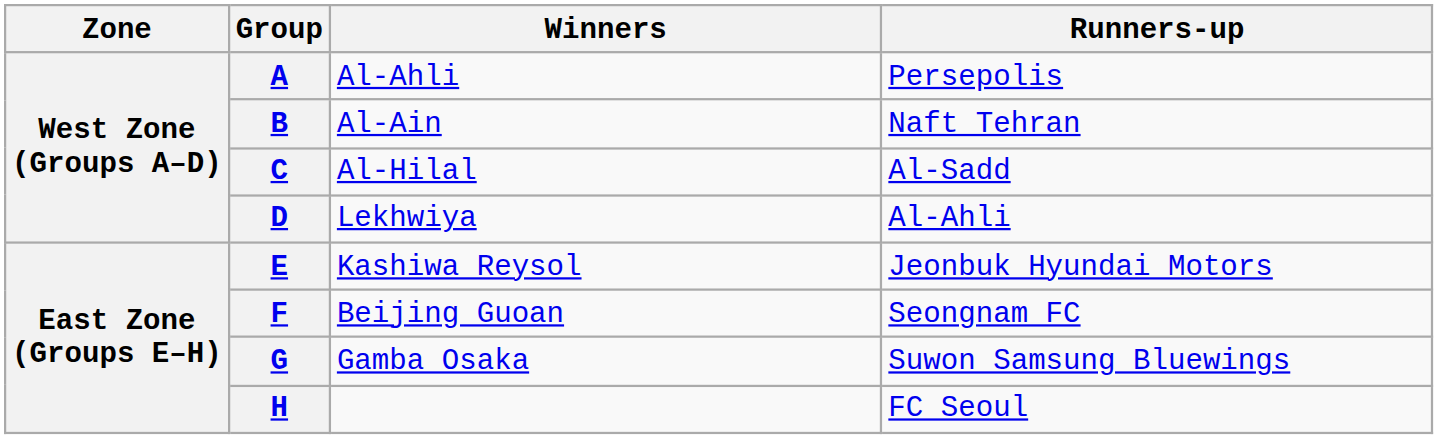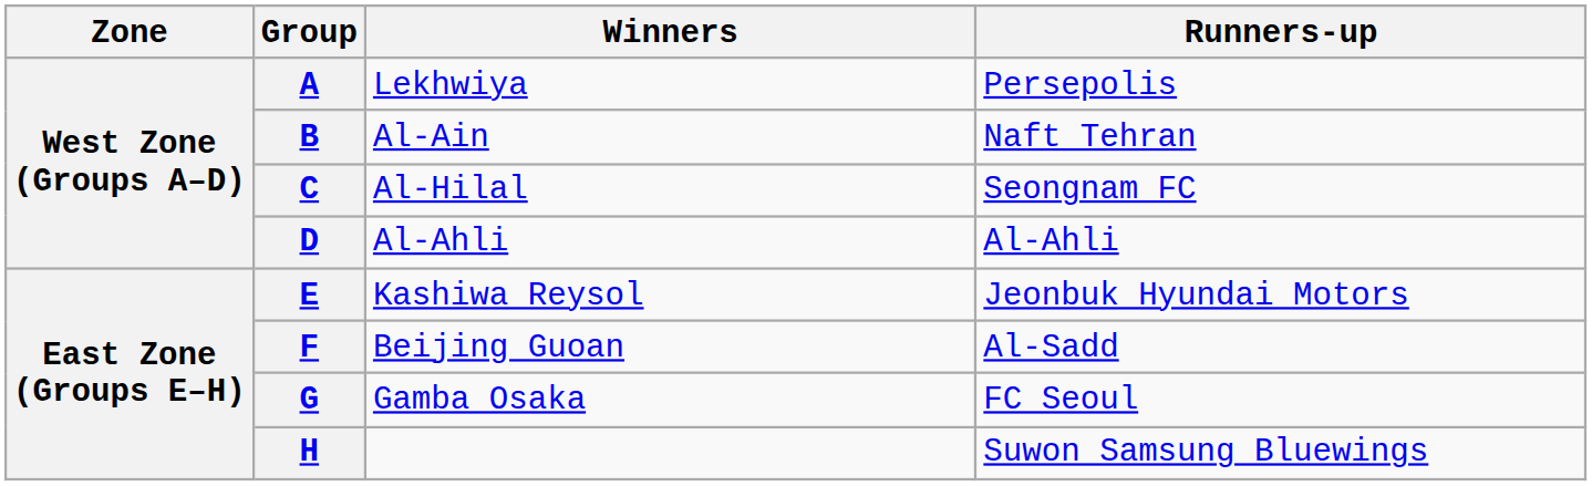 <table class="wikitable">
 <tr>
 <th>Zone</th>
 <th>Group</th>
 <th width=240>Winners</th>
 <th width=240>Runners-up</th>
 </tr>
 <tr>
 <th rowspan=4>West Zone<br>(Groups A–D)</th>
 <th><a href='#'>A</a></th>
-<td> <a href='#'>Al-Ahli</a></td>
+<td> <a href='#'>Lekhwiya</a></td>
 <td> <a href='#'>Persepolis</a></td>
 </tr>
 <tr>
 <th><a href='#'>B</a></th>
 <td> <a href='#'>Al-Ain</a></td>
 <td> <a href='#'>Naft Tehran</a></td>
 </tr>
 <tr>
 <th><a href='#'>C</a></th>
 <td> <a href='#'>Al-Hilal</a></td>
-<td> <a href='#'>Al-Sadd</a></td>
+<td> <a href='#'>Seongnam FC</a></td>
 </tr>
 <tr>
 <th><a href='#'>D</a></th>
-<td> <a href='#'>Lekhwiya</a></td>
+<td> <a href='#'>Al-Ahli</a></td>
 <td> <a href='#'>Al-Ahli</a></td>
 </tr>
 <tr>
 <th rowspan=4>East Zone<br>(Groups E–H)</th>
 <th><a href='#'>E</a></th>
 <td> <a href='#'>Kashiwa Reysol</a></td>
 <td> <a href='#'>Jeonbuk Hyundai Motors</a></td>
 </tr>
 <tr>
 <th><a href='#'>F</a></th>
 <td> <a href='#'>Beijing Guoan</a></td>
-<td> <a href='#'>Seongnam FC</a></td>
+<td> <a href='#'>Al-Sadd</a></td>
 </tr>
 <tr>
 <th><a href='#'>G</a></th>
 <td> <a href='#'>Gamba Osaka</a></td>
-<td> <a href='#'>Suwon Samsung Bluewings</a></td>
+<td> <a href='#'>FC Seoul</a></td>
 </tr>
 <tr>
 <th><a href='#'>H</a></th>
 <td></td>
-<td> <a href='#'>FC Seoul</a></td>
+<td> <a href='#'>Suwon Samsung Bluewings</a></td>
 </tr>
 </table>
